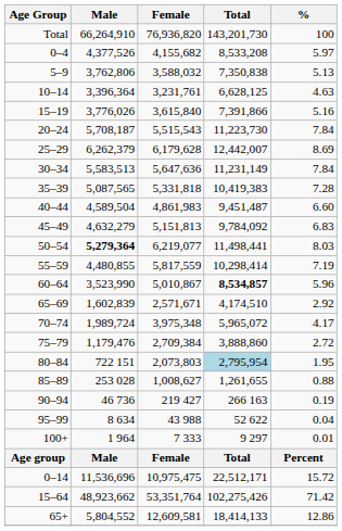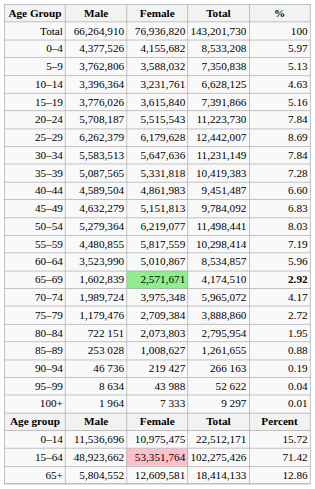 <table class="wikitable">
 <tr>
 <th width="80pt">Age Group</th>
 <th width="80pt">Male</th>
 <th width="80pt">Female</th>
 <th width="80pt">Total</th>
 <th width="80pt">%</th>
 </tr>
 <tr>
 <td align="right">Total</td>
 <td align="right">66,264,910</td>
 <td align="right">76,936,820</td>
 <td align="right">143,201,730</td>
 <td align="right">100</td>
 </tr>
 <tr>
 <td align="right">0–4</td>
 <td align="right">4,377,526</td>
 <td align="right">4,155,682</td>
 <td align="right">8,533,208</td>
 <td align="right">5.97</td>
 </tr>
 <tr>
 <td align="right">5–9</td>
 <td align="right">3,762,806</td>
 <td align="right">3,588,032</td>
 <td align="right">7,350,838</td>
 <td align="right">5.13</td>
 </tr>
 <tr>
 <td align="right">10–14</td>
 <td align="right">3,396,364</td>
 <td align="right">3,231,761</td>
 <td align="right">6,628,125</td>
 <td align="right">4.63</td>
 </tr>
 <tr>
 <td align="right">15–19</td>
 <td align="right">3,776,026</td>
 <td align="right">3,615,840</td>
 <td align="right">7,391,866</td>
 <td align="right">5.16</td>
 </tr>
 <tr>
 <td align="right">20–24</td>
 <td align="right">5,708,187</td>
 <td align="right">5,515,543</td>
 <td align="right">11,223,730</td>
 <td align="right">7.84</td>
 </tr>
 <tr>
 <td align="right">25–29</td>
 <td align="right">6,262,379</td>
 <td align="right">6,179,628</td>
 <td align="right">12,442,007</td>
 <td align="right">8.69</td>
 </tr>
 <tr>
 <td align="right">30–34</td>
 <td align="right">5,583,513</td>
 <td align="right">5,647,636</td>
 <td align="right">11,231,149</td>
 <td align="right">7.84</td>
 </tr>
 <tr>
 <td align="right">35–39</td>
 <td align="right">5,087,565</td>
 <td align="right">5,331,818</td>
 <td align="right">10,419,383</td>
 <td align="right">7.28</td>
 </tr>
 <tr>
 <td align="right">40–44</td>
 <td align="right">4,589,504</td>
 <td align="right">4,861,983</td>
 <td align="right">9,451,487</td>
 <td align="right">6.60</td>
 </tr>
 <tr>
 <td align="right">45–49</td>
 <td align="right">4,632,279</td>
 <td align="right">5,151,813</td>
 <td align="right">9,784,092</td>
 <td align="right">6.83</td>
 </tr>
 <tr>
 <td align="right">50–54</td>
-<td align="right"><strong>5,279,364</strong></td>
+<td align="right">5,279,364</td>
 <td align="right">6,219,077</td>
 <td align="right">11,498,441</td>
 <td align="right">8.03</td>
 </tr>
 <tr>
 <td align="right">55–59</td>
 <td align="right">4,480,855</td>
 <td align="right">5,817,559</td>
 <td align="right">10,298,414</td>
 <td align="right">7.19</td>
 </tr>
 <tr>
 <td align="right">60–64</td>
 <td align="right">3,523,990</td>
 <td align="right">5,010,867</td>
-<td align="right"><strong>8,534,857</strong></td>
+<td align="right">8,534,857</td>
 <td align="right">5.96</td>
 </tr>
 <tr>
 <td align="right">65–69</td>
 <td align="right">1,602,839</td>
-<td align="right">2,571,671</td>
+<td align="right" style="background: lightgreen;">2,571,671</td>
 <td align="right">4,174,510</td>
-<td align="right">2.92</td>
+<td align="right"><strong>2.92</strong></td>
 </tr>
 <tr>
 <td align="right">70–74</td>
 <td align="right">1,989,724</td>
 <td align="right">3,975,348</td>
 <td align="right">5,965,072</td>
 <td align="right">4.17</td>
 </tr>
 <tr>
 <td align="right">75–79</td>
 <td align="right">1,179,476</td>
 <td align="right">2,709,384</td>
 <td align="right">3,888,860</td>
 <td align="right">2.72</td>
 </tr>
 <tr>
 <td align="right">80–84</td>
 <td align="right">722 151</td>
 <td align="right">2,073,803</td>
-<td align="right" style="background: lightblue;">2,795,954</td>
+<td align="right">2,795,954</td>
 <td align="right">1.95</td>
 </tr>
 <tr>
 <td align="right">85–89</td>
 <td align="right">253 028</td>
 <td align="right">1,008,627</td>
 <td align="right">1,261,655</td>
 <td align="right">0.88</td>
 </tr>
 <tr>
 <td align="right">90–94</td>
 <td align="right">46 736</td>
 <td align="right">219 427</td>
 <td align="right">266 163</td>
 <td align="right">0.19</td>
 </tr>
 <tr>
 <td align="right">95–99</td>
 <td align="right">8 634</td>
 <td align="right">43 988</td>
 <td align="right">52 622</td>
 <td align="right">0.04</td>
 </tr>
 <tr>
 <td align="right">100+</td>
 <td align="right">1 964</td>
 <td align="right">7 333</td>
 <td align="right">9 297</td>
 <td align="right">0.01</td>
 </tr>
 <tr>
 <th width="50">Age group</th>
 <th width="80pt">Male</th>
 <th width="80">Female</th>
 <th width="80">Total</th>
 <th width="50">Percent</th>
 </tr>
 <tr>
 <td align="right">0–14</td>
 <td align="right">11,536,696</td>
 <td align="right">10,975,475</td>
 <td align="right">22,512,171</td>
 <td align="right">15.72</td>
 </tr>
 <tr>
 <td align="right">15–64</td>
 <td align="right">48,923,662</td>
-<td align="right">53,351,764</td>
+<td align="right" style="background: pink;">53,351,764</td>
 <td align="right">102,275,426</td>
 <td align="right">71.42</td>
 </tr>
 <tr>
 <td align="right">65+</td>
 <td align="right">5,804,552</td>
 <td align="right">12,609,581</td>
 <td align="right">18,414,133</td>
 <td align="right">12.86</td>
 </tr>
 <tr>
 </tr>
 </table>
